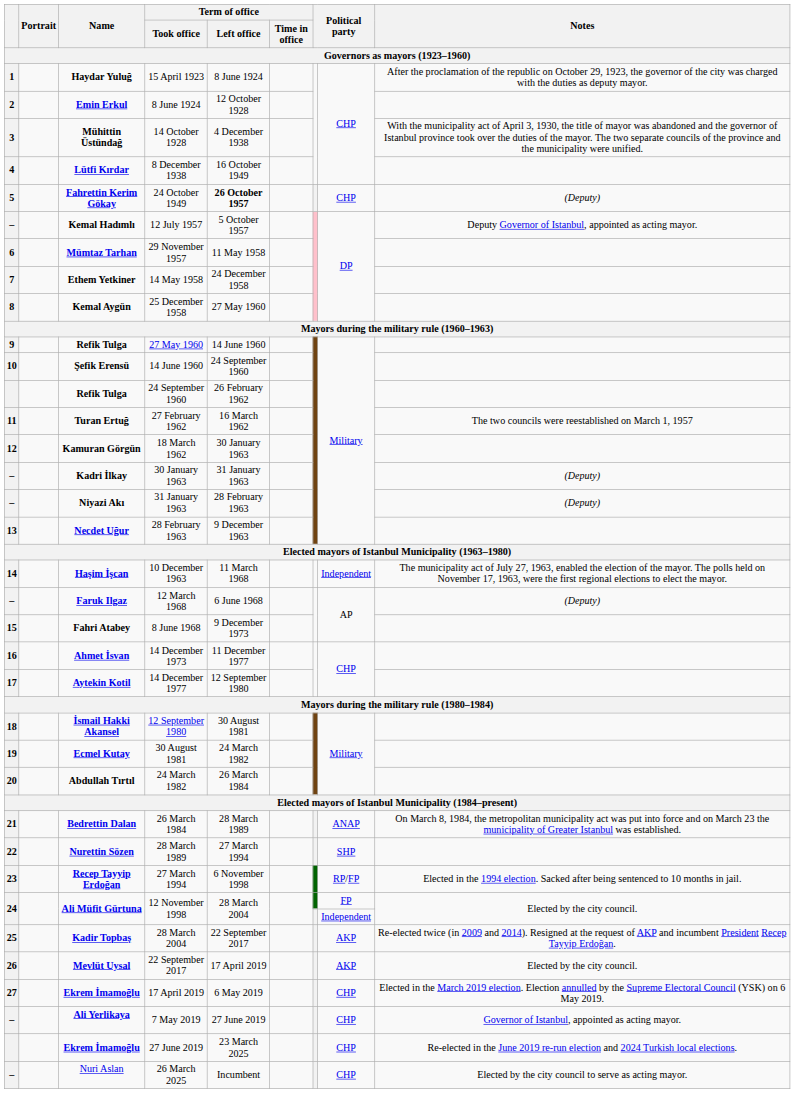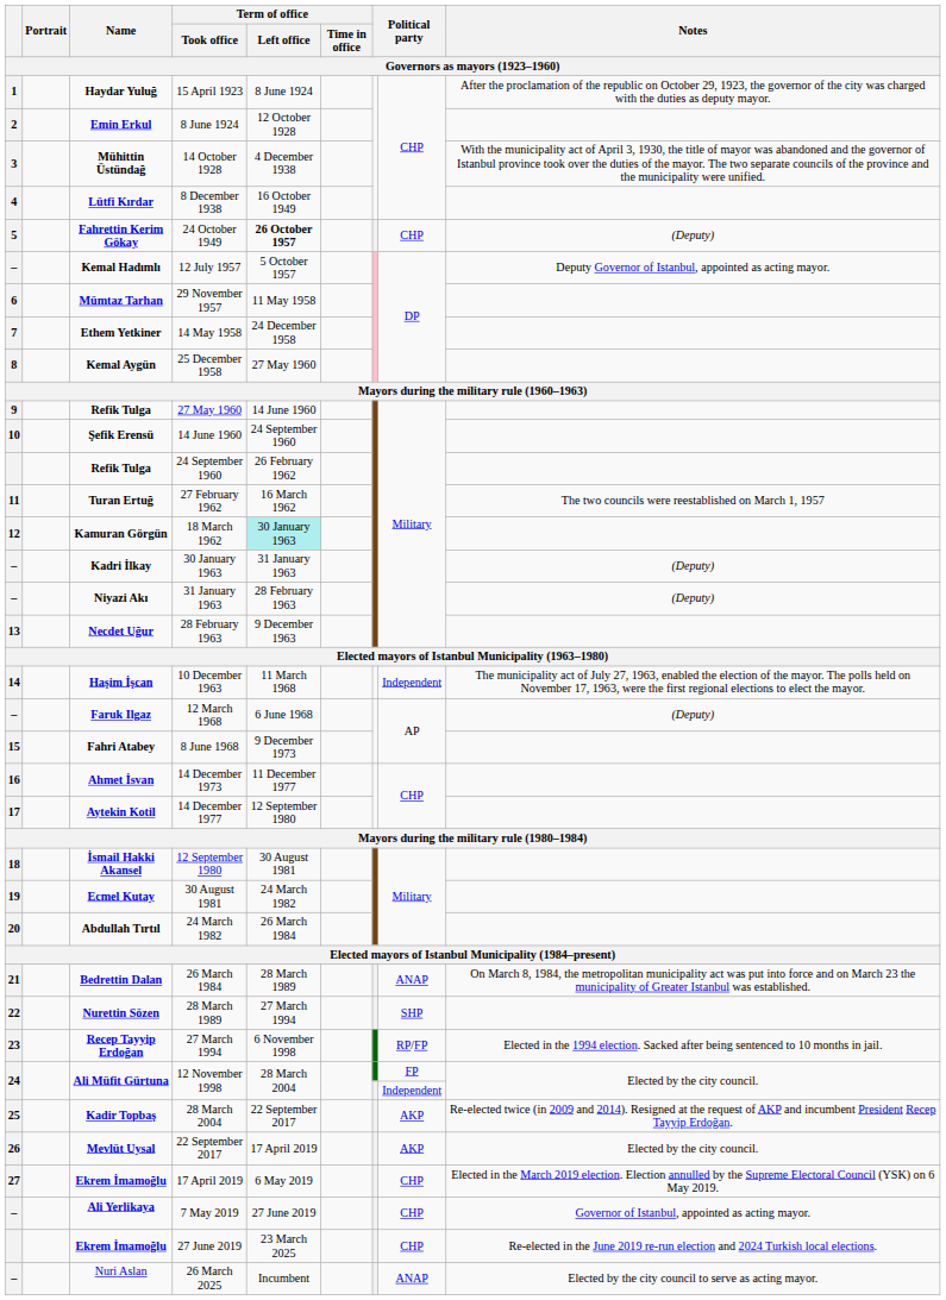 <table class="wikitable" style="text-align:center">
 <tr>
 <th rowspan=2></th>
 <th rowspan=2>Portrait</th>
 <th width=130 rowspan=2>Name<br></th>
 <th colspan=3>Term of office</th>
 <th colspan=2 rowspan=2>Political party</th>
 <th rowspan=2>Notes</th>
 </tr>
 <tr>
 <th>Took office</th>
 <th>Left office</th>
 <th>Time in office</th>
 </tr>
 <tr>
 <th colspan="9">Governors as mayors (1923–1960)</th>
 </tr>
 <tr>
 <th>1</th>
 <td></td>
 <td><strong>Haydar Yuluğ<br></strong></td>
 <td>15 April 1923</td>
 <td>8 June 1924</td>
 <td></td>
 <td rowspan=4 style="background:"></td>
 <td rowspan=4><a href='#'>CHP</a></td>
 <td>After the proclamation of the republic on October 29, 1923, the governor of the city was charged with the duties as deputy mayor.</td>
 </tr>
 <tr>
 <th>2</th>
 <td></td>
 <td><strong><a href='#'>Emin Erkul</a><br></strong></td>
 <td>8 June 1924</td>
 <td>12 October 1928</td>
 <td></td>
 <td></td>
 </tr>
 <tr>
 <th>3</th>
 <td></td>
 <td><strong>Mühittin Üstündağ<br></strong></td>
 <td>14 October 1928</td>
 <td>4 December 1938</td>
 <td></td>
 <td>With the municipality act of April 3, 1930, the title of mayor was abandoned and the governor of Istanbul province took over the duties of the mayor. The two separate councils of the province and the municipality were unified.</td>
 </tr>
 <tr>
 <th>4</th>
 <td></td>
 <td><strong><a href='#'>Lütfi Kırdar</a><br></strong></td>
 <td>8 December 1938</td>
 <td>16 October 1949</td>
 <td></td>
 <td></td>
 </tr>
 <tr>
 <th>5</th>
 <td></td>
 <td><strong><a href='#'>Fahrettin Kerim Gökay</a><br></strong></td>
 <td>24 October 1949</td>
 <td><strong>26 October 1957</strong></td>
 <td></td>
 <th></th>
 <td rowspan=1><a href='#'>CHP</a></td>
 <td><em>(Deputy)</em></td>
 </tr>
 <tr>
 <th>–</th>
 <td></td>
 <td><strong>Kemal Hadımlı<br></strong></td>
 <td>12 July 1957</td>
 <td>5 October 1957</td>
 <td></td>
 <td rowspan=4 style="background:pink"></td>
 <td rowspan=4><a href='#'>DP</a></td>
 <td>Deputy <a href='#'>Governor of Istanbul</a>, appointed as acting mayor.</td>
 </tr>
 <tr>
 <th>6</th>
 <td></td>
 <td><strong><a href='#'>Mümtaz Tarhan</a><br></strong></td>
 <td>29 November 1957</td>
 <td>11 May 1958</td>
 <td></td>
 <td></td>
 </tr>
 <tr>
 <th>7</th>
 <td></td>
 <td><strong>Ethem Yetkiner<br></strong></td>
 <td>14 May 1958</td>
 <td>24 December 1958</td>
 <td></td>
 <td></td>
 </tr>
 <tr>
 <th>8</th>
 <td></td>
 <td><strong>Kemal Aygün<br></strong></td>
 <td>25 December 1958</td>
 <td>27 May 1960</td>
 <td></td>
 <td></td>
 </tr>
 <tr>
 <th colspan="9">Mayors during the military rule (1960–1963)</th>
 </tr>
 <tr>
 <th>9</th>
 <td></td>
 <td><strong>Refik Tulga<br></strong></td>
 <td><a href='#'>27 May 1960</a></td>
 <td>14 June 1960</td>
 <td></td>
 <td rowspan=8 style="background: #704311"></td>
 <td rowspan=8><a href='#'>Military</a></td>
 <td></td>
 </tr>
 <tr>
 <th>10</th>
 <td></td>
 <td><strong>Şefik Erensü<br></strong></td>
 <td>14 June 1960</td>
 <td>24 September 1960</td>
 <td></td>
 <td></td>
 </tr>
 <tr>
 <th></th>
 <td></td>
 <td><strong>Refik Tulga<br></strong></td>
 <td>24 September 1960</td>
 <td>26 February 1962</td>
 <td></td>
 <td></td>
 </tr>
 <tr>
 <th>11</th>
 <td></td>
 <td><strong>Turan Ertuğ</strong></td>
 <td>27 February 1962</td>
 <td>16 March 1962</td>
 <td></td>
 <td>The two councils were reestablished on March 1, 1957</td>
 </tr>
 <tr>
 <th>12</th>
 <td></td>
 <td><strong>Kamuran Görgün</strong></td>
 <td>18 March 1962</td>
-<td>30 January 1963</td>
+<td style="background: paleturquoise;">30 January 1963</td>
 <td></td>
 <td></td>
 </tr>
 <tr>
 <th>–</th>
 <td></td>
 <td><strong>Kadri İlkay</strong></td>
 <td>30 January 1963</td>
 <td>31 January 1963</td>
 <td></td>
 <td><em>(Deputy)</em></td>
 </tr>
 <tr>
 <th>–</th>
 <td></td>
 <td><strong>Niyazi Akı<br></strong></td>
 <td>31 January 1963</td>
 <td>28 February 1963</td>
 <td></td>
 <td><em>(Deputy)</em></td>
 </tr>
 <tr>
 <th>13</th>
 <td></td>
 <td><strong><a href='#'>Necdet Uğur</a><br></strong></td>
 <td>28 February 1963</td>
 <td>9 December 1963</td>
 <td></td>
 <td></td>
 </tr>
 <tr>
 <th colspan="9">Elected mayors of Istanbul Municipality (1963–1980)</th>
 </tr>
 <tr>
 <th>14</th>
 <td></td>
 <td><strong><a href='#'>Haşim İşcan</a><br></strong></td>
 <td>10 December 1963</td>
 <td>11 March 1968</td>
 <td></td>
 <td rowspan=1 style="background:"></td>
 <td><a href='#'>Independent</a></td>
 <td>The municipality act of July 27, 1963, enabled the election of the mayor. The polls held on November 17, 1963, were the first regional elections to elect the mayor.</td>
 </tr>
 <tr>
 <th>–</th>
 <td></td>
 <td><strong><a href='#'>Faruk Ilgaz</a><br></strong></td>
 <td>12 March 1968</td>
 <td>6 June 1968</td>
 <td></td>
 <td rowspan=2 style="background:"></td>
 <td rowspan=2>AP</td>
 <td><em>(Deputy)</em></td>
 </tr>
 <tr>
 <th>15</th>
 <td></td>
 <td><strong>Fahri Atabey<br></strong></td>
 <td>8 June 1968</td>
 <td>9 December 1973</td>
 <td></td>
 <td></td>
 </tr>
 <tr>
 <th>16</th>
 <td></td>
 <td><strong><a href='#'>Ahmet İsvan</a><br></strong></td>
 <td>14 December 1973</td>
 <td>11 December 1977</td>
 <td></td>
 <td rowspan=2 style="background:"></td>
 <td rowspan=2><a href='#'>CHP</a></td>
 </tr>
 <tr>
 <th>17</th>
 <td></td>
 <td><strong><a href='#'>Aytekin Kotil</a><br></strong></td>
 <td>14 December 1977</td>
 <td>12 September 1980</td>
 <td></td>
 <td></td>
 </tr>
 <tr>
 <th colspan="9">Mayors during the military rule (1980–1984)</th>
 </tr>
 <tr>
 <th>18</th>
 <td></td>
 <td><strong><a href='#'>İsmail Hakki Akansel</a><br></strong></td>
 <td><a href='#'>12 September 1980</a></td>
 <td>30 August 1981</td>
 <td></td>
 <td rowspan=3 style="background: #704311"></td>
 <td rowspan=3><a href='#'>Military</a></td>
 <td></td>
 </tr>
 <tr>
 <th>19</th>
 <td></td>
 <td><strong><a href='#'>Ecmel Kutay</a><br></strong></td>
 <td>30 August 1981</td>
 <td>24 March 1982</td>
 <td></td>
 <td></td>
 </tr>
 <tr>
 <th>20</th>
 <td></td>
 <td><strong>Abdullah Tırtıl<br></strong></td>
 <td>24 March 1982</td>
 <td>26 March 1984</td>
 <td></td>
 <td></td>
 </tr>
 <tr>
 <th colspan="9">Elected mayors of Istanbul Municipality (1984–present)</th>
 </tr>
 <tr>
 <th>21</th>
 <td></td>
 <td><strong><a href='#'>Bedrettin Dalan</a></strong><br></td>
 <td>26 March 1984</td>
 <td>28 March 1989</td>
 <td></td>
 <th style="background:"></th>
 <td><a href='#'>ANAP</a></td>
 <td>On March 8, 1984, the metropolitan municipality act was put into force and on March 23 the <a href='#'>municipality of Greater Istanbul</a> was established.</td>
 </tr>
 <tr>
 <th>22</th>
 <td></td>
 <td><strong><a href='#'>Nurettin Sözen</a></strong><br></td>
 <td>28 March 1989</td>
 <td>27 March 1994</td>
 <td></td>
 <th style="background:"></th>
 <td><a href='#'>SHP</a></td>
 <td></td>
 </tr>
 <tr>
 <th>23</th>
 <td></td>
 <td><strong><a href='#'>Recep Tayyip Erdoğan</a></strong><br></td>
 <td>27 March 1994</td>
 <td>6 November 1998</td>
 <td></td>
 <th style="background:DarkGreen"></th>
 <td><a href='#'>RP</a>/<a href='#'>FP</a></td>
 <td>Elected in the <a href='#'>1994 election</a>. Sacked after being sentenced to 10 months in jail.</td>
 </tr>
 <tr>
 <th rowspan="2">24</th>
 <td rowspan="2"></td>
 <td rowspan="2"><strong><a href='#'>Ali Müfit Gürtuna</a></strong><br></td>
 <td rowspan="2">12 November 1998</td>
 <td rowspan="2">28 March 2004</td>
 <td rowspan="2"></td>
 <th style="background:DarkGreen"></th>
 <td><a href='#'>FP</a><br></td>
 <td rowspan="2">Elected by the city council.</td>
 </tr>
 <tr>
 <th style="background:"></th>
 <td><a href='#'>Independent</a><br></td>
 </tr>
 <tr>
 <th>25</th>
 <td></td>
 <td><strong><a href='#'>Kadir Topbaş</a><br></strong></td>
 <td>28 March 2004</td>
 <td>22 September 2017</td>
 <td></td>
 <th style="background:"></th>
 <td><a href='#'>AKP</a></td>
 <td>Re-elected twice (in <a href='#'>2009</a> and <a href='#'>2014</a>). Resigned at the request of <a href='#'>AKP</a> and incumbent <a href='#'>President</a> <a href='#'>Recep Tayyip Erdoğan</a>.</td>
 </tr>
 <tr>
 <th>26</th>
 <td></td>
 <td><strong><a href='#'>Mevlüt Uysal</a></strong><br></td>
 <td>22 September 2017</td>
 <td>17 April 2019</td>
 <td></td>
 <th style="background:"></th>
 <td><a href='#'>AKP</a></td>
 <td>Elected by the city council.</td>
 </tr>
 <tr>
 <th>27</th>
 <td></td>
 <td><strong><a href='#'>Ekrem İmamoğlu</a></strong><br></td>
 <td>17 April 2019</td>
 <td>6 May 2019</td>
 <td></td>
 <th style="background:"></th>
 <td><a href='#'>CHP</a></td>
 <td>Elected in the <a href='#'>March 2019 election</a>. Election <a href='#'>annulled</a> by the <a href='#'>Supreme Electoral Council</a> (YSK) on 6 May 2019.</td>
 </tr>
 <tr>
 <th>–</th>
 <td></td>
 <td><strong><a href='#'>Ali Yerlikaya</a></strong><br><br></td>
 <td>7 May 2019</td>
 <td>27 June 2019</td>
 <td></td>
 <th style="background:"></th>
 <td><a href='#'>CHP</a></td>
 <td><a href='#'>Governor of Istanbul</a>, appointed as acting mayor.</td>
 </tr>
 <tr>
 <th></th>
 <td></td>
 <td><strong><a href='#'>Ekrem İmamoğlu</a></strong><br></td>
 <td>27 June 2019</td>
 <td>23 March 2025</td>
 <td></td>
 <th style="background:"></th>
 <td><a href='#'>CHP</a></td>
 <td>Re-elected in the <a href='#'>June 2019 re-run election</a> and <a href='#'>2024 Turkish local elections</a>.</td>
 </tr>
 <tr>
 <th>–</th>
 <td></td>
 <td><a href='#'>Nuri Aslan</a><br><br></td>
 <td>26 March 2025</td>
 <td>Incumbent</td>
 <td></td>
 <th style="background:"></th>
-<td><a href='#'>CHP</a></td>
+<td><a href='#'>ANAP</a></td>
 <td>Elected by the city council to serve as acting mayor.</td>
 </tr>
 </table>
